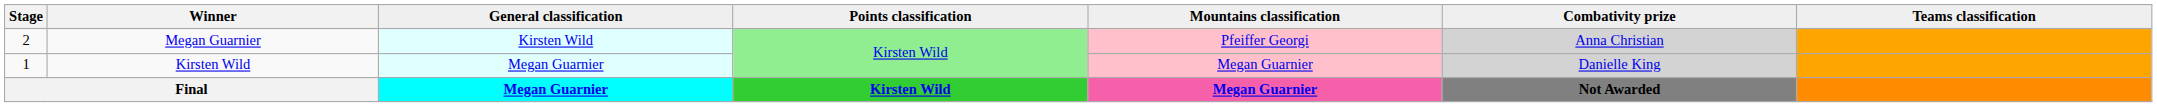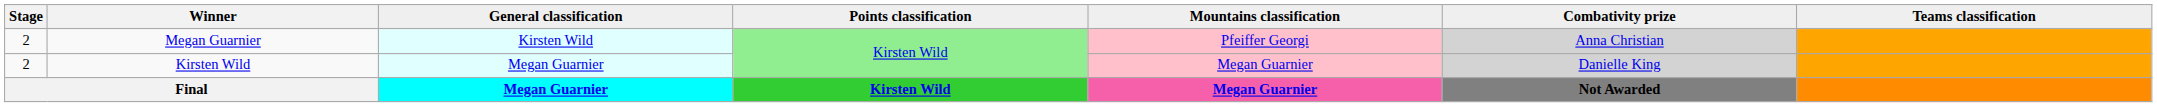 <table class=wikitable style="text-align: center; font-size:smaller;">
 <tr>
 <th style="width:1%;">Stage</th>
 <th style="width:14%;">Winner</th>
 <th style="background:#efefef; width:15%;">General classification<br></th>
 <th style="background:#efefef; width:15%;">Points classification<br></th>
 <th style="background:#efefef; width:15%;">Mountains classification<br></th>
 <th style="background:#efefef; width:15%;">Combativity prize<br></th>
 <th style="background:#efefef; width:15%;">Teams classification</th>
 </tr>
 <tr>
 <td>2</td>
 <td><a href='#'>Megan Guarnier</a></td>
 <td style="background:lightcyan;"><a href='#'>Kirsten Wild</a></td>
 <td style="background:lightgreen;" rowspan=2><a href='#'>Kirsten Wild</a></td>
 <td style="background:pink;"><a href='#'>Pfeiffer Georgi</a></td>
 <td style="background:lightgray;"><a href='#'>Anna Christian</a></td>
 <td style="background:orange;"></td>
 </tr>
 <tr>
-<td>1</td>
+<td>2</td>
 <td><a href='#'>Kirsten Wild</a></td>
 <td style="background:lightcyan;"><a href='#'>Megan Guarnier</a></td>
 <td style="background:pink;"><a href='#'>Megan Guarnier</a></td>
 <td style="background:lightgray;"><a href='#'>Danielle King</a></td>
 <td style="background:orange;"></td>
 </tr>
 <tr>
 <th colspan=2>Final</th>
 <th style="background:cyan;"><a href='#'>Megan Guarnier</a></th>
 <th style="background:limegreen;"><a href='#'>Kirsten Wild</a></th>
 <th style="background:#F660AB;"><a href='#'>Megan Guarnier</a></th>
 <th style="background:gray;">Not Awarded</th>
 <th style="background:#FF8C00;"></th>
 </tr>
 </table>
